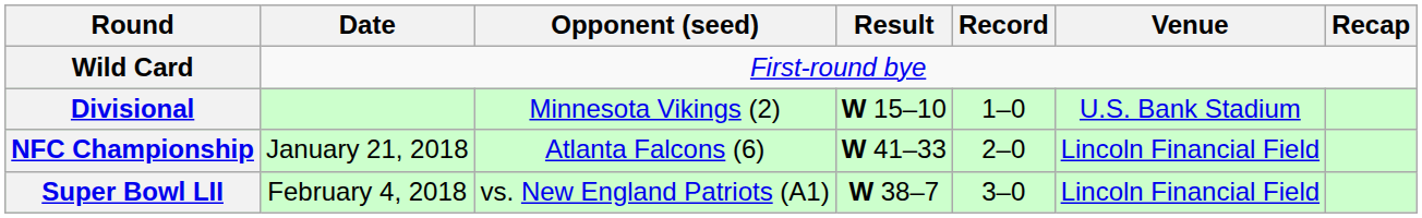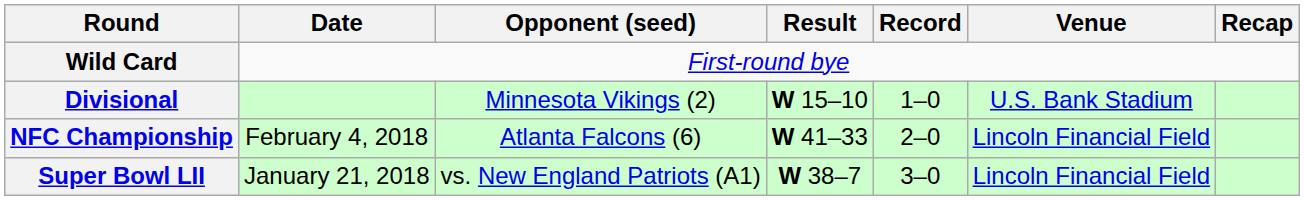 <table class="wikitable" style="text-align:center">
 <tr>
 <th>Round</th>
 <th>Date</th>
 <th>Opponent (seed)</th>
 <th>Result</th>
 <th>Record</th>
 <th>Venue</th>
 <th>Recap</th>
 </tr>
 <tr>
 <th>Wild Card</th>
 <td colspan="6"><em><a href='#'>First-round bye</a></em></td>
 </tr>
 <tr style="background:#cfc">
 <th><a href='#'>Divisional</a></th>
 <td></td>
 <td><a href='#'>Minnesota Vikings</a> (2)</td>
 <td><strong>W</strong> 15–10</td>
 <td>1–0</td>
 <td><a href='#'>U.S. Bank Stadium</a></td>
 <td></td>
 </tr>
 <tr style="background:#cfc">
 <th><a href='#'>NFC Championship</a></th>
-<td>January 21, 2018</td>
+<td>February 4, 2018</td>
 <td><a href='#'>Atlanta Falcons</a> (6)</td>
 <td><strong>W</strong> 41–33</td>
 <td>2–0</td>
 <td><a href='#'>Lincoln Financial Field</a></td>
 <td></td>
 </tr>
 <tr style="background:#cfc">
 <th><a href='#'>Super Bowl LII</a></th>
-<td>February 4, 2018</td>
+<td>January 21, 2018</td>
 <td>vs. <a href='#'>New England Patriots</a> (A1)</td>
 <td><strong>W</strong> 38–7</td>
 <td>3–0</td>
 <td><a href='#'>Lincoln Financial Field</a></td>
 <td></td>
 </tr>
 </table>
